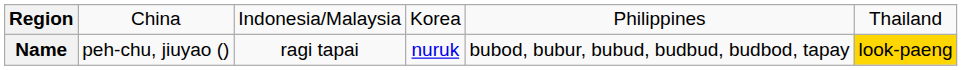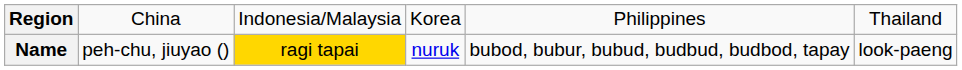 <table class="wikitable" style="text-align:center">
 <tr>
 <th>Region</th>
 <td>China</td>
 <td>Indonesia/Malaysia</td>
 <td>Korea</td>
 <td>Philippines</td>
 <td>Thailand</td>
 </tr>
 <tr>
 <th>Name</th>
 <td>peh-chu, jiuyao ()</td>
-<td>ragi tapai</td>
+<td style="background: gold;">ragi tapai</td>
 <td><a href='#'>nuruk</a></td>
 <td>bubod, bubur, bubud, budbud, budbod, tapay</td>
-<td style="background: gold;">look-paeng</td>
+<td>look-paeng</td>
 </tr>
 </table>
